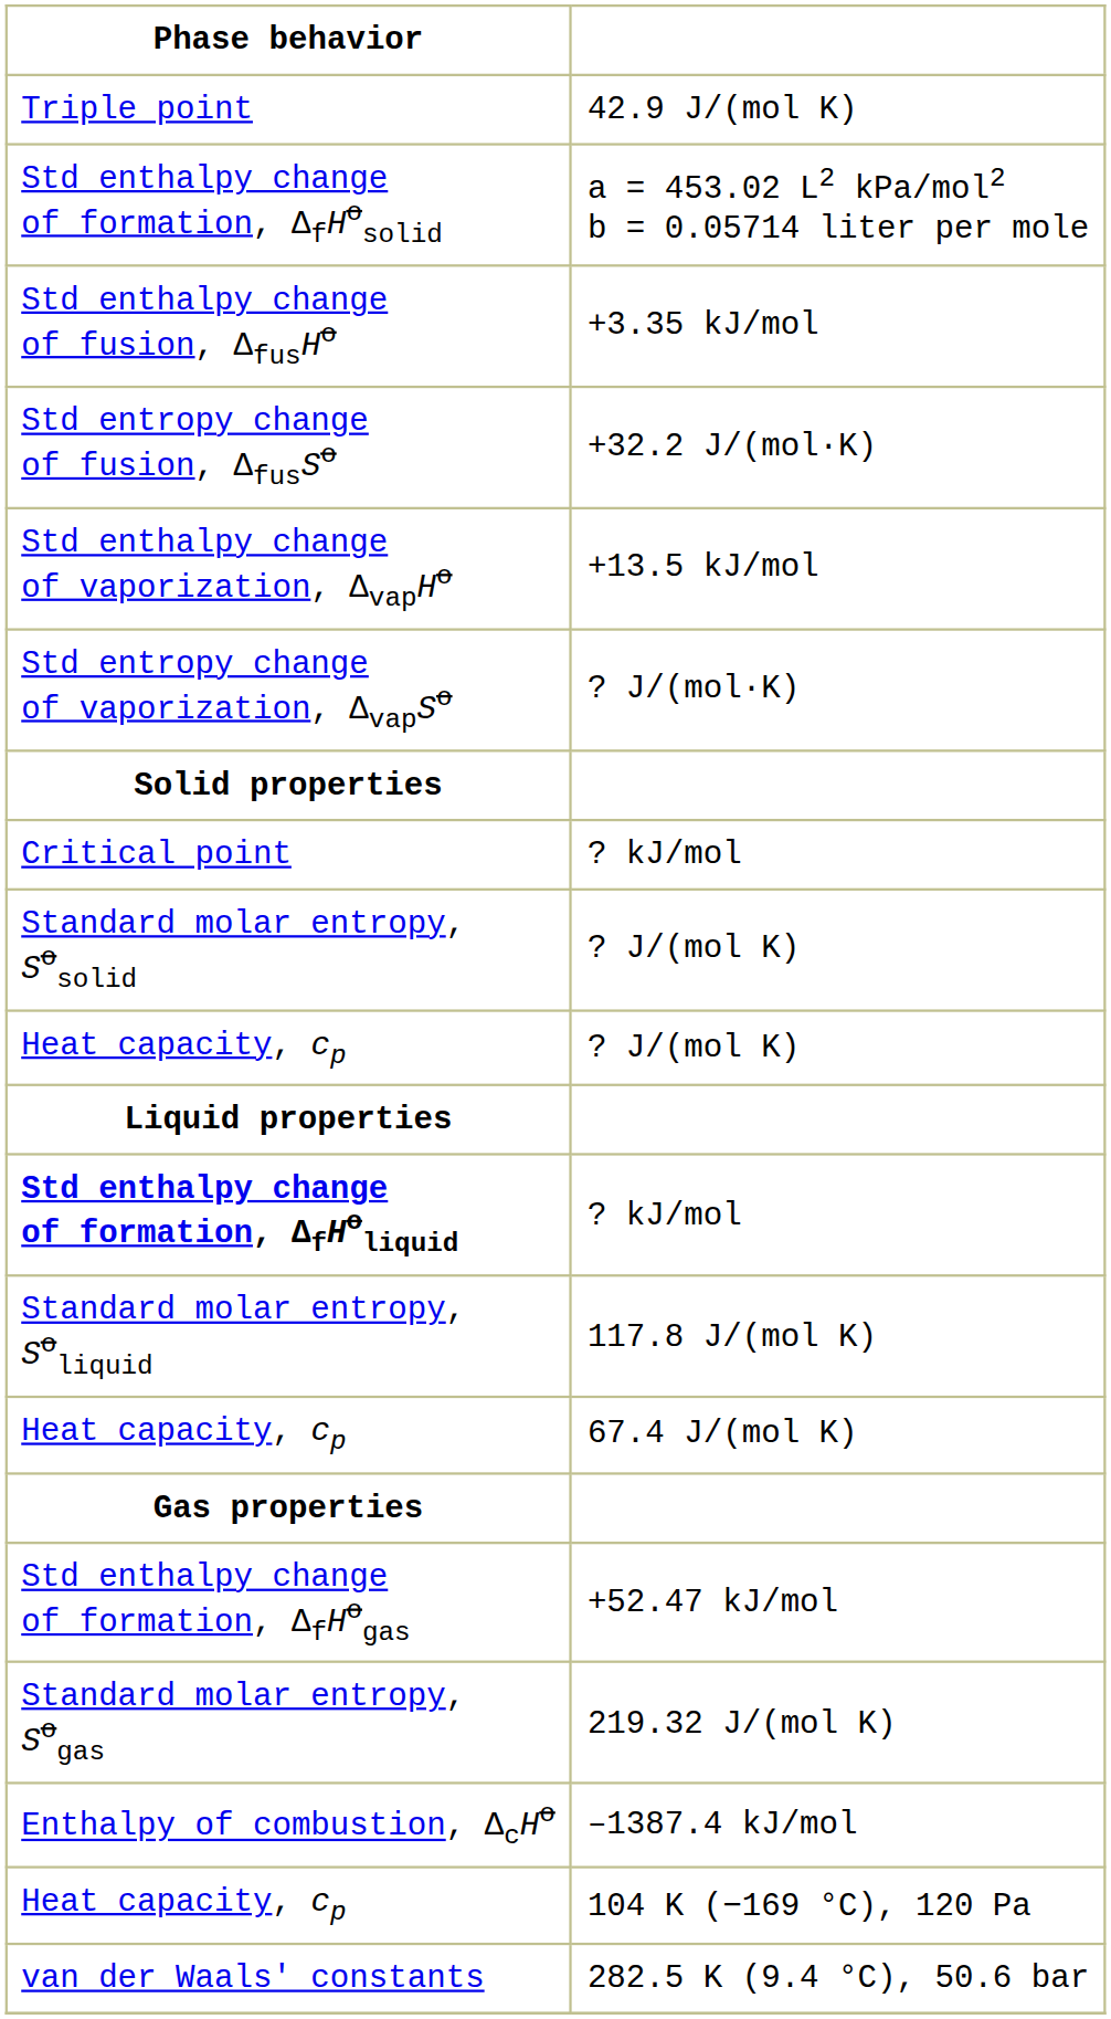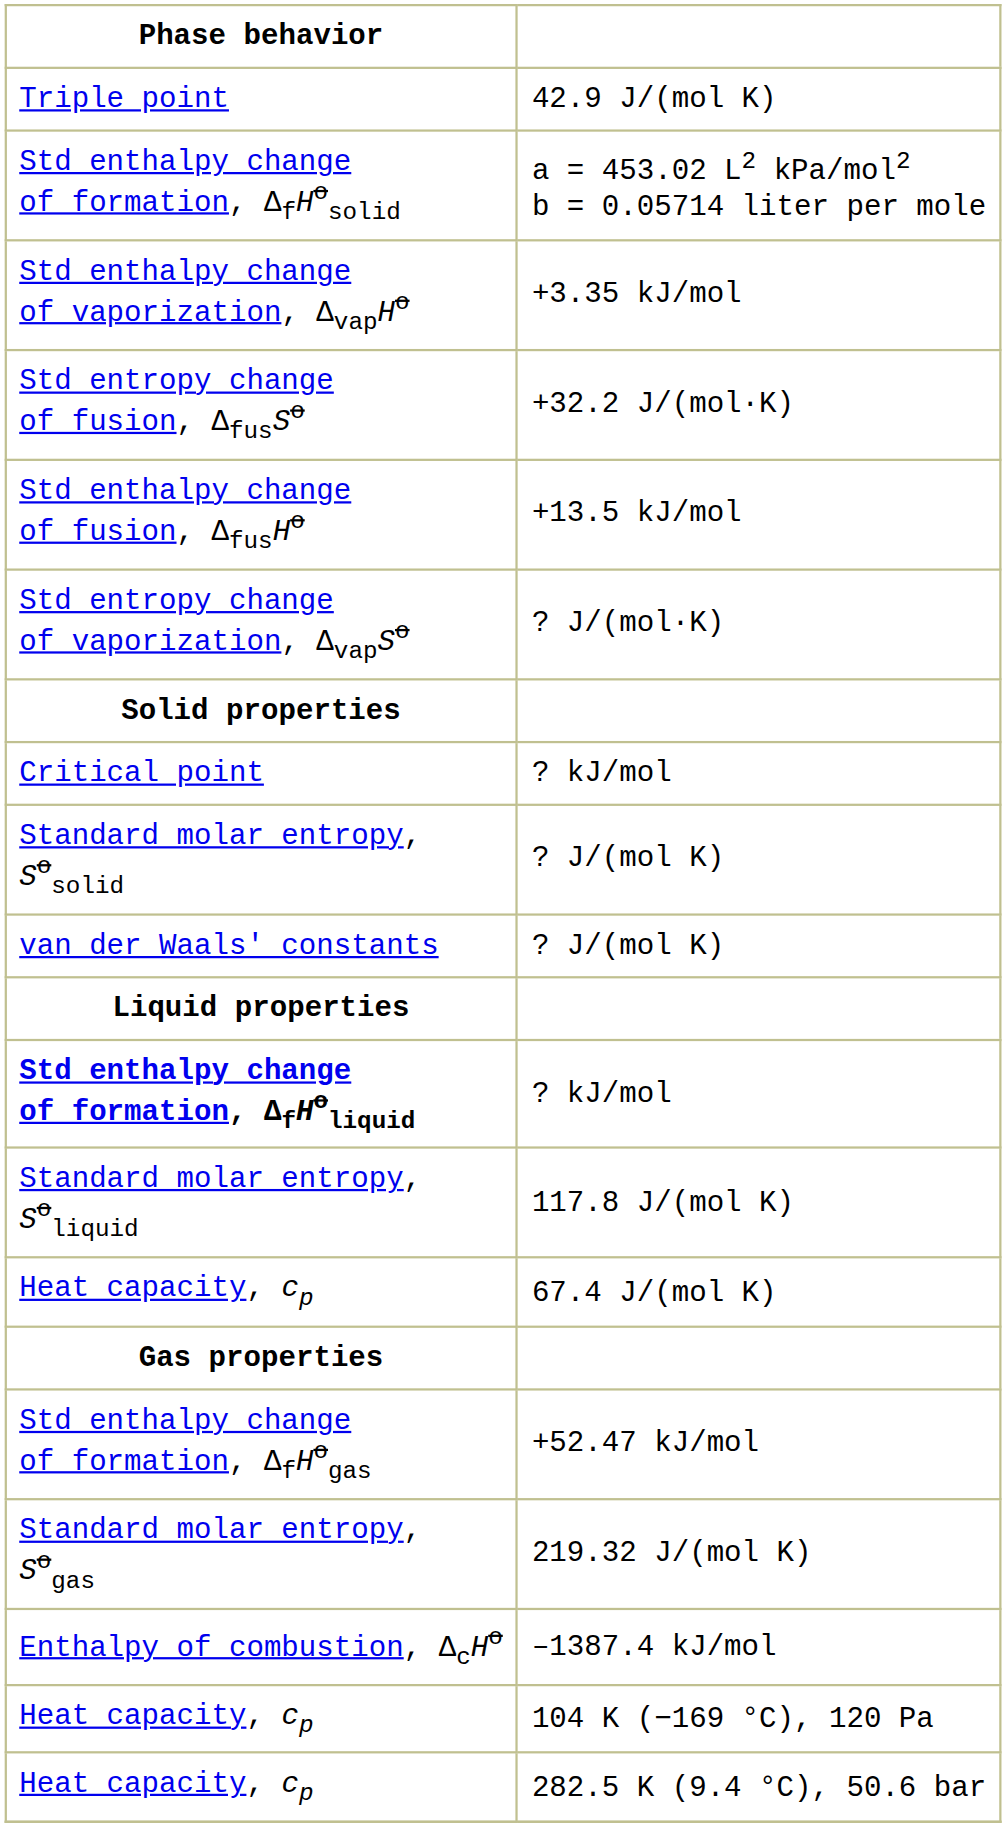 <table border="1" cellspacing="0" cellpadding="6" style="margin: 0 0 0 0.5em; background: #FFFFFF; border-collapse: collapse; border-color: #C0C090;">
 <tr>
 <th>Phase behavior</th>
 </tr>
 <tr>
 <td><a href='#'>Triple point</a></td>
 <td>42.9 J/(mol K)</td>
 </tr>
 <tr>
 <td><a href='#'>Std enthalpy change<br>of formation</a>, Δ<sub>f</sub><em>H</em><sup><s>o</s></sup><sub>solid</sub></td>
 <td>a = 453.02 L<sup>2</sup> kPa/mol<sup>2</sup><br> b = 0.05714 liter per mole</td>
 </tr>
 <tr>
-<td><a href='#'>Std enthalpy change<br>of fusion</a>, Δ<sub>fus</sub><em>H</em><sup><s>o</s></sup></td>
+<td><a href='#'>Std enthalpy change<br>of vaporization</a>, Δ<sub>vap</sub><em>H</em><sup><s>o</s></sup></td>
 <td>+3.35 kJ/mol</td>
 </tr>
 <tr>
 <td><a href='#'>Std entropy change<br>of fusion</a>, Δ<sub>fus</sub><em>S</em><sup><s>o</s></sup></td>
 <td>+32.2 J/(mol·K)</td>
 </tr>
 <tr>
-<td><a href='#'>Std enthalpy change<br>of vaporization</a>, Δ<sub>vap</sub><em>H</em><sup><s>o</s></sup></td>
+<td><a href='#'>Std enthalpy change<br>of fusion</a>, Δ<sub>fus</sub><em>H</em><sup><s>o</s></sup></td>
 <td>+13.5 kJ/mol</td>
 </tr>
 <tr>
 <td><a href='#'>Std entropy change<br>of vaporization</a>, Δ<sub>vap</sub><em>S</em><sup><s>o</s></sup></td>
 <td>? J/(mol·K)</td>
 </tr>
 <tr>
 <th>Solid properties</th>
 </tr>
 <tr>
 <td><a href='#'>Critical point</a></td>
 <td>? kJ/mol</td>
 </tr>
 <tr>
 <td><a href='#'>Standard molar entropy</a>,<br><em>S</em><sup><s>o</s></sup><sub>solid</sub></td>
 <td>? J/(mol K)</td>
 </tr>
 <tr>
-<td><a href='#'>Heat capacity</a>, <em>c<sub>p</sub></em></td>
+<td><a href='#'>van der Waals' constants</a></td>
 <td>? J/(mol K)</td>
 </tr>
 <tr>
 <th>Liquid properties</th>
 </tr>
 <tr>
 <td><strong><a href='#'>Std enthalpy change<br>of formation</a>, Δ<sub>f</sub><em>H</em><sup><s>o</s></sup><sub>liquid</sub></strong></td>
 <td>? kJ/mol</td>
 </tr>
 <tr>
 <td><a href='#'>Standard molar entropy</a>,<br><em>S</em><sup><s>o</s></sup><sub>liquid</sub></td>
 <td>117.8 J/(mol K)</td>
 </tr>
 <tr>
 <td><a href='#'>Heat capacity</a>, <em>c<sub>p</sub></em></td>
 <td>67.4 J/(mol K)</td>
 </tr>
 <tr>
 <th>Gas properties</th>
 </tr>
 <tr>
 <td><a href='#'>Std enthalpy change<br>of formation</a>, Δ<sub>f</sub><em>H</em><sup><s>o</s></sup><sub>gas</sub></td>
 <td>+52.47 kJ/mol</td>
 </tr>
 <tr>
 <td><a href='#'>Standard molar entropy</a>,<br><em>S</em><sup><s>o</s></sup><sub>gas</sub></td>
 <td>219.32 J/(mol K)</td>
 </tr>
 <tr>
 <td><a href='#'>Enthalpy of combustion</a>, Δ<sub>c</sub><em>H</em><sup><s>o</s></sup></td>
 <td>–1387.4 kJ/mol</td>
 </tr>
 <tr>
 <td><a href='#'>Heat capacity</a>, <em>c<sub>p</sub></em></td>
 <td>104 K (−169 °C), 120 Pa</td>
 </tr>
 <tr>
-<td><a href='#'>van der Waals' constants</a></td>
+<td><a href='#'>Heat capacity</a>, <em>c<sub>p</sub></em></td>
 <td>282.5 K (9.4 °C), 50.6 bar</td>
 </tr>
 <tr>
 </tr>
 </table>
